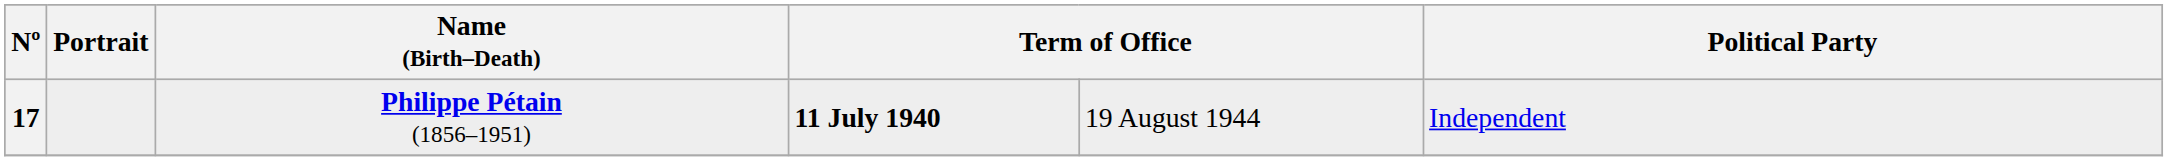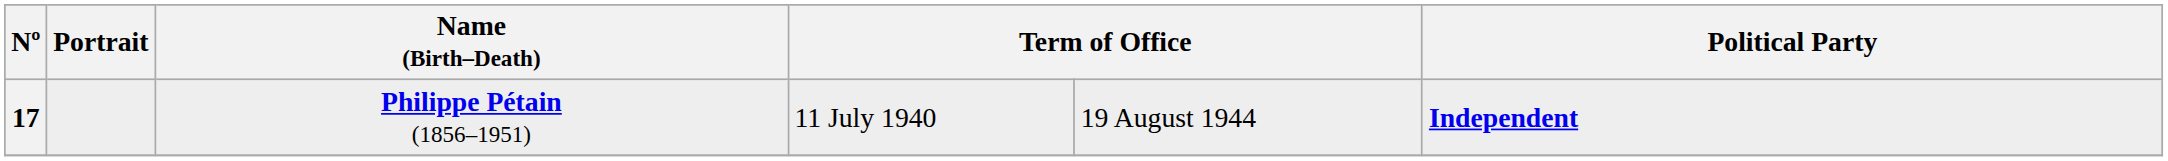 <table class="wikitable">
 <tr>
 <th>Nº</th>
 <th>Portrait</th>
 <th width="30%">Name<br><small>(Birth–Death)</small></th>
 <th colspan="2" width="30%">Term of Office</th>
 <th width="35%">Political Party</th>
 </tr>
 <tr bgcolor="#EEEEEE">
 <th style="background:">17</th>
 <td></td>
 <td align="center"><strong><a href='#'>Philippe Pétain</a></strong><br><small>(1856–1951)</small></td>
-<td><strong>11 July 1940</strong></td>
+<td>11 July 1940</td>
 <td>19 August 1944</td>
-<td><a href='#'>Independent</a></td>
+<td><strong><a href='#'>Independent</a></strong></td>
 </tr>
 <tr>
 </tr>
 </table>
